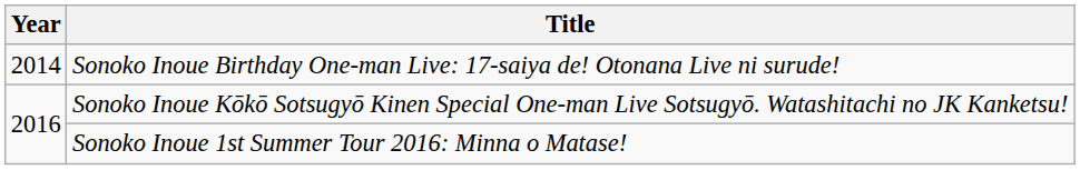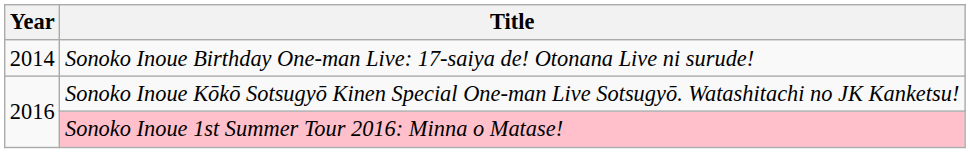 <table class="wikitable">
 <tr>
 <th>Year</th>
 <th>Title</th>
 </tr>
 <tr>
 <td>2014</td>
 <td><em>Sonoko Inoue Birthday One-man Live: 17-saiya de! Otonana Live ni surude!</em></td>
 </tr>
 <tr>
 <td rowspan="2">2016</td>
 <td><em>Sonoko Inoue Kōkō Sotsugyō Kinen Special One-man Live Sotsugyō. Watashitachi no JK Kanketsu!</em></td>
 </tr>
 <tr>
-<td><em>Sonoko Inoue 1st Summer Tour 2016: Minna o Matase!</em></td>
+<td style="background: pink;"><em>Sonoko Inoue 1st Summer Tour 2016: Minna o Matase!</em></td>
 </tr>
 </table>
